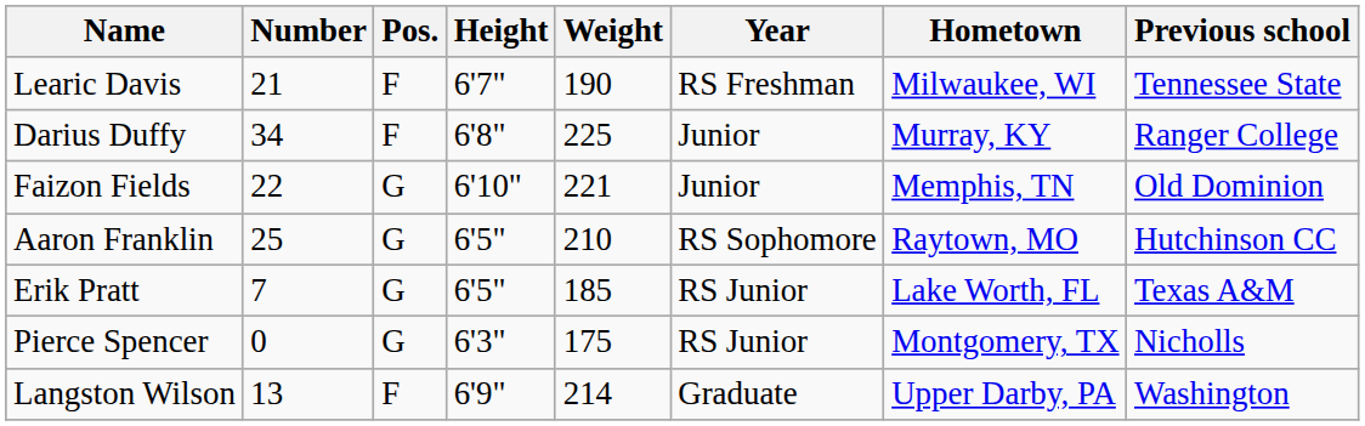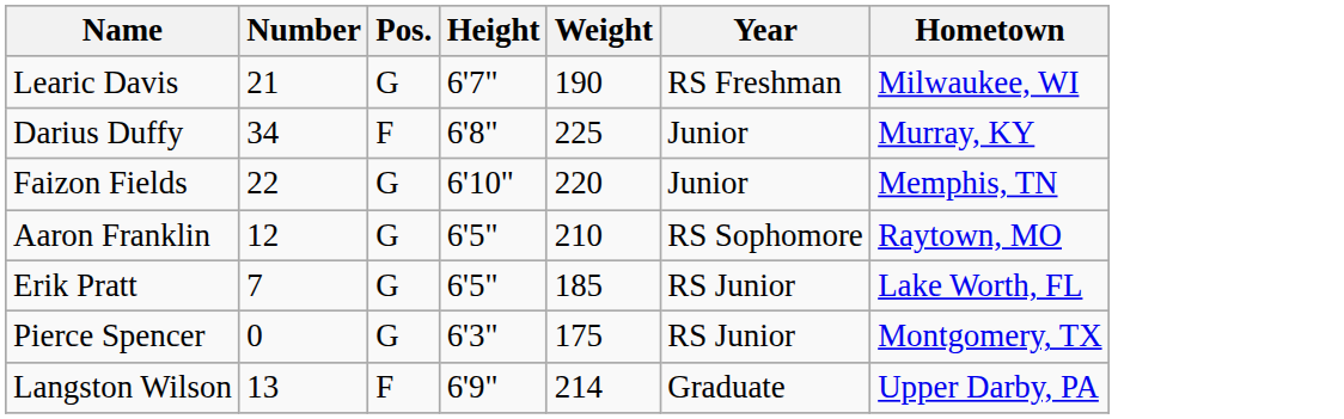 <table class="wikitable sortable" border="1">
 <tr>
 <th>Name</th>
 <th>Number</th>
 <th>Pos.</th>
 <th>Height</th>
 <th>Weight</th>
 <th>Year</th>
 <th>Hometown</th>
-<th>Previous school</th>
 </tr>
 <tr>
 <td>Learic Davis</td>
 <td>21</td>
-<td>F</td>
+<td>G</td>
 <td>6'7"</td>
 <td>190</td>
 <td>RS Freshman</td>
 <td><a href='#'>Milwaukee, WI</a></td>
-<td><a href='#'>Tennessee State</a></td>
 </tr>
 <tr>
 <td>Darius Duffy</td>
 <td>34</td>
 <td>F</td>
 <td>6'8"</td>
 <td>225</td>
 <td>Junior</td>
 <td><a href='#'>Murray, KY</a></td>
-<td><a href='#'>Ranger College</a></td>
 </tr>
 <tr>
 <td>Faizon Fields</td>
 <td>22</td>
 <td>G</td>
 <td>6'10"</td>
-<td>221</td>
+<td>220</td>
 <td>Junior</td>
 <td><a href='#'>Memphis, TN</a></td>
-<td><a href='#'>Old Dominion</a></td>
 </tr>
 <tr>
 <td>Aaron Franklin</td>
-<td>25</td>
+<td>12</td>
 <td>G</td>
 <td>6'5"</td>
 <td>210</td>
 <td>RS Sophomore</td>
 <td><a href='#'>Raytown, MO</a></td>
-<td><a href='#'>Hutchinson CC</a></td>
 </tr>
 <tr>
 <td>Erik Pratt</td>
 <td>7</td>
 <td>G</td>
 <td>6'5"</td>
 <td>185</td>
 <td>RS Junior</td>
 <td><a href='#'>Lake Worth, FL</a></td>
-<td><a href='#'>Texas A&M</a></td>
 </tr>
 <tr>
 <td>Pierce Spencer</td>
 <td>0</td>
 <td>G</td>
 <td>6'3"</td>
 <td>175</td>
 <td>RS Junior</td>
 <td><a href='#'>Montgomery, TX</a></td>
-<td><a href='#'>Nicholls</a></td>
 </tr>
 <tr>
 <td>Langston Wilson</td>
 <td>13</td>
 <td>F</td>
 <td>6'9"</td>
 <td>214</td>
 <td>Graduate</td>
 <td><a href='#'>Upper Darby, PA</a></td>
-<td><a href='#'>Washington</a></td>
 </tr>
 </table>
